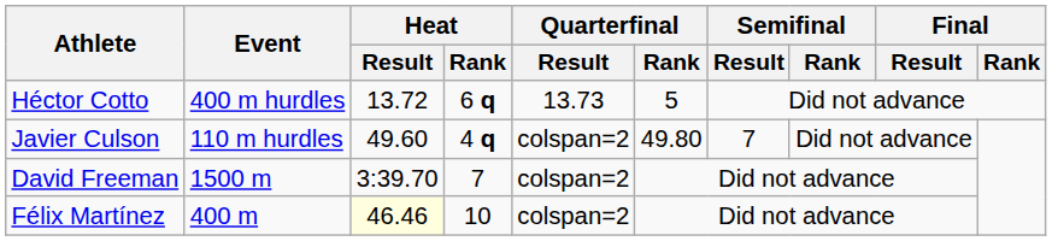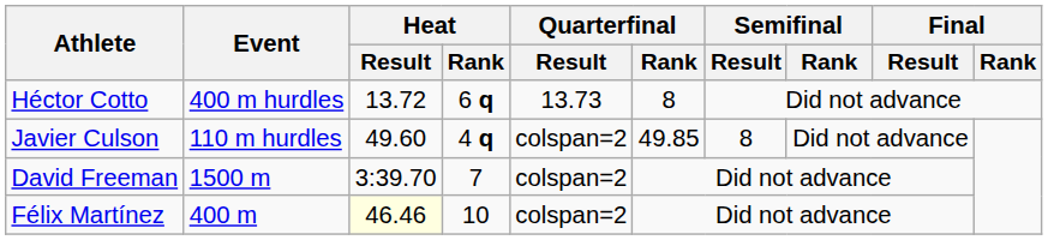 <table class=wikitable style="font-size:90%">
 <tr>
 <th rowspan="2">Athlete</th>
 <th rowspan="2">Event</th>
 <th colspan="2">Heat</th>
 <th colspan="2">Quarterfinal</th>
 <th colspan="2">Semifinal</th>
 <th colspan="2">Final</th>
 </tr>
 <tr style="font-size:95%">
 <th>Result</th>
 <th>Rank</th>
 <th>Result</th>
 <th>Rank</th>
 <th>Result</th>
 <th>Rank</th>
 <th>Result</th>
 <th>Rank</th>
 </tr>
 <tr align=center>
 <td align=left><a href='#'>Héctor Cotto</a></td>
 <td align=left><a href='#'>400 m hurdles</a></td>
 <td>13.72</td>
 <td>6 <strong>q</strong></td>
 <td>13.73</td>
-<td>5</td>
+<td>8</td>
 <td colspan=4>Did not advance</td>
 </tr>
 <tr align=center>
 <td align=left><a href='#'>Javier Culson</a></td>
 <td align=left><a href='#'>110 m hurdles</a></td>
 <td>49.60</td>
 <td>4 <strong>q</strong></td>
 <td>colspan=2 </td>
-<td>49.80</td>
-<td>7</td>
+<td>49.85</td>
+<td>8</td>
 <td colspan=2>Did not advance</td>
 </tr>
 <tr align=center>
 <td align=left><a href='#'>David Freeman</a></td>
 <td align=left><a href='#'>1500 m</a></td>
 <td>3:39.70</td>
 <td>7</td>
 <td>colspan=2 </td>
 <td colspan=4>Did not advance</td>
 </tr>
 <tr align=center>
 <td align=left><a href='#'>Félix Martínez</a></td>
 <td align=left><a href='#'>400 m</a></td>
 <td style="background: lightyellow;">46.46</td>
 <td>10</td>
 <td>colspan=2 </td>
 <td colspan=4>Did not advance</td>
 </tr>
 </table>
